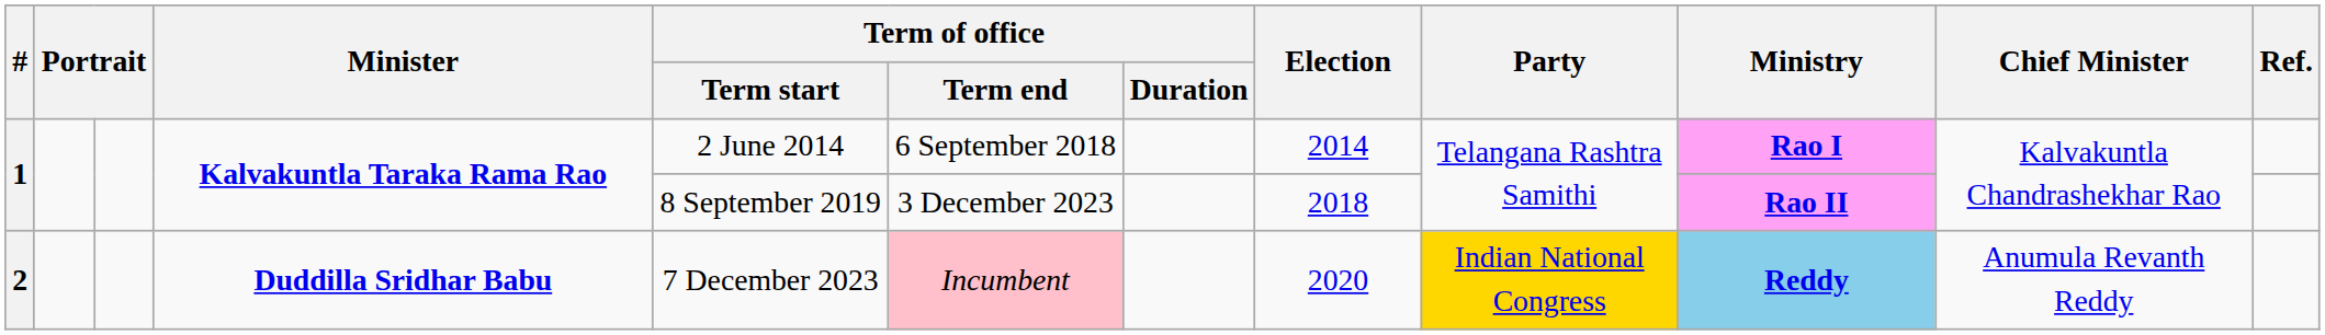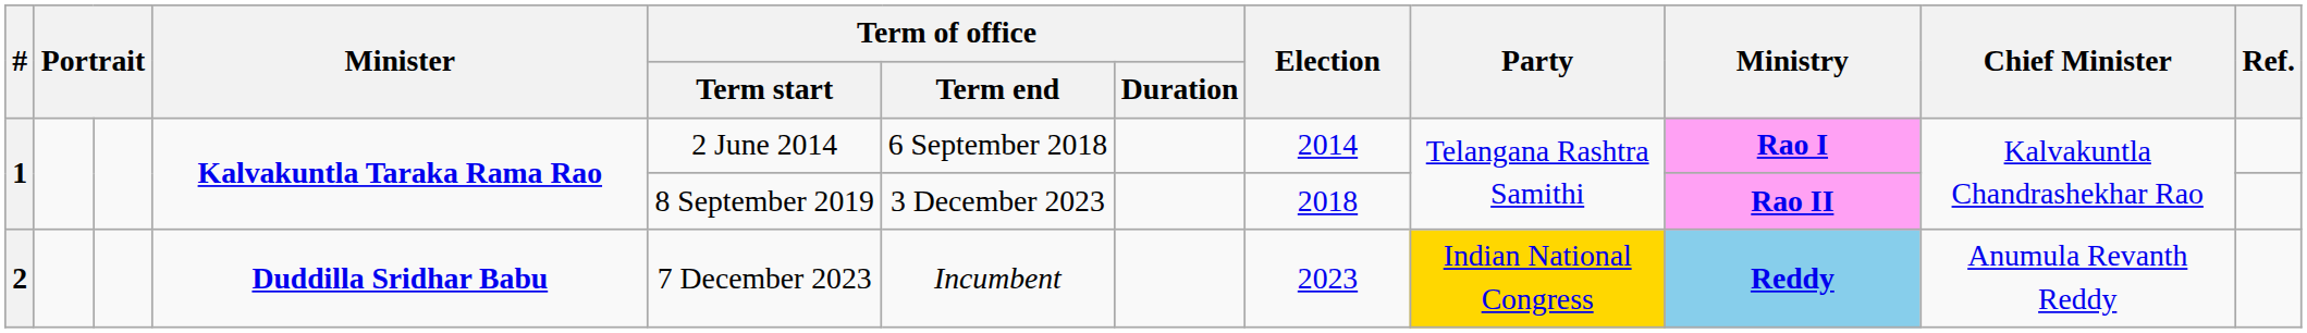 <table class="wikitable" style="line-height:1.4em; text-align:center">
 <tr>
 <th rowspan=2>#</th>
 <th rowspan=2 colspan="2">Portrait</th>
 <th rowspan=2 style="width:16em">Minister<br></th>
 <th colspan="3">Term of office</th>
 <th rowspan=2 style="width:5em">Election<br></th>
 <th rowspan=2 style="width:8em">Party</th>
 <th rowspan=2 style="width:8em">Ministry</th>
 <th rowspan=2 style="width:10em">Chief Minister</th>
 <th rowspan=2>Ref.</th>
 </tr>
 <tr>
 <th>Term start</th>
 <th>Term end</th>
 <th>Duration</th>
 </tr>
 <tr>
 <th rowspan=2>1</th>
 <td rowspan=2></td>
 <td rowspan="2"></td>
 <td rowspan="2"><strong><a href='#'>Kalvakuntla Taraka Rama Rao</a></strong><br></td>
 <td>2 June 2014</td>
 <td>6 September 2018</td>
 <td><strong></strong></td>
 <td><a href='#'>2014</a><br></td>
 <td rowspan="2"><a href='#'>Telangana Rashtra Samithi</a></td>
 <td bgcolor="#FFA1F4"><strong><a href='#'>Rao I</a></strong></td>
 <td rowspan="2"><a href='#'>Kalvakuntla Chandrashekhar Rao</a></td>
 <td></td>
 </tr>
 <tr>
 <td>8 September 2019</td>
 <td>3 December 2023</td>
 <td><strong></strong></td>
 <td><a href='#'>2018</a><br></td>
 <td bgcolor="#FFA1F4"><strong><a href='#'>Rao II</a></strong></td>
 <td></td>
 </tr>
 <tr>
 <th>2</th>
 <td></td>
 <td></td>
 <td><strong><a href='#'>Duddilla Sridhar Babu</a></strong><br></td>
 <td>7 December 2023</td>
-<td style="background: pink;"><em>Incumbent</em></td>
+<td><em>Incumbent</em></td>
 <td><strong></strong></td>
-<td><a href='#'>2020</a><br></td>
+<td><a href='#'>2023</a><br></td>
 <td style="background: gold;"><a href='#'>Indian National Congress</a></td>
 <td bgcolor="#87CEEB"><strong><a href='#'>Reddy</a></strong></td>
 <td><a href='#'>Anumula Revanth Reddy</a></td>
 <td></td>
 </tr>
 </table>
